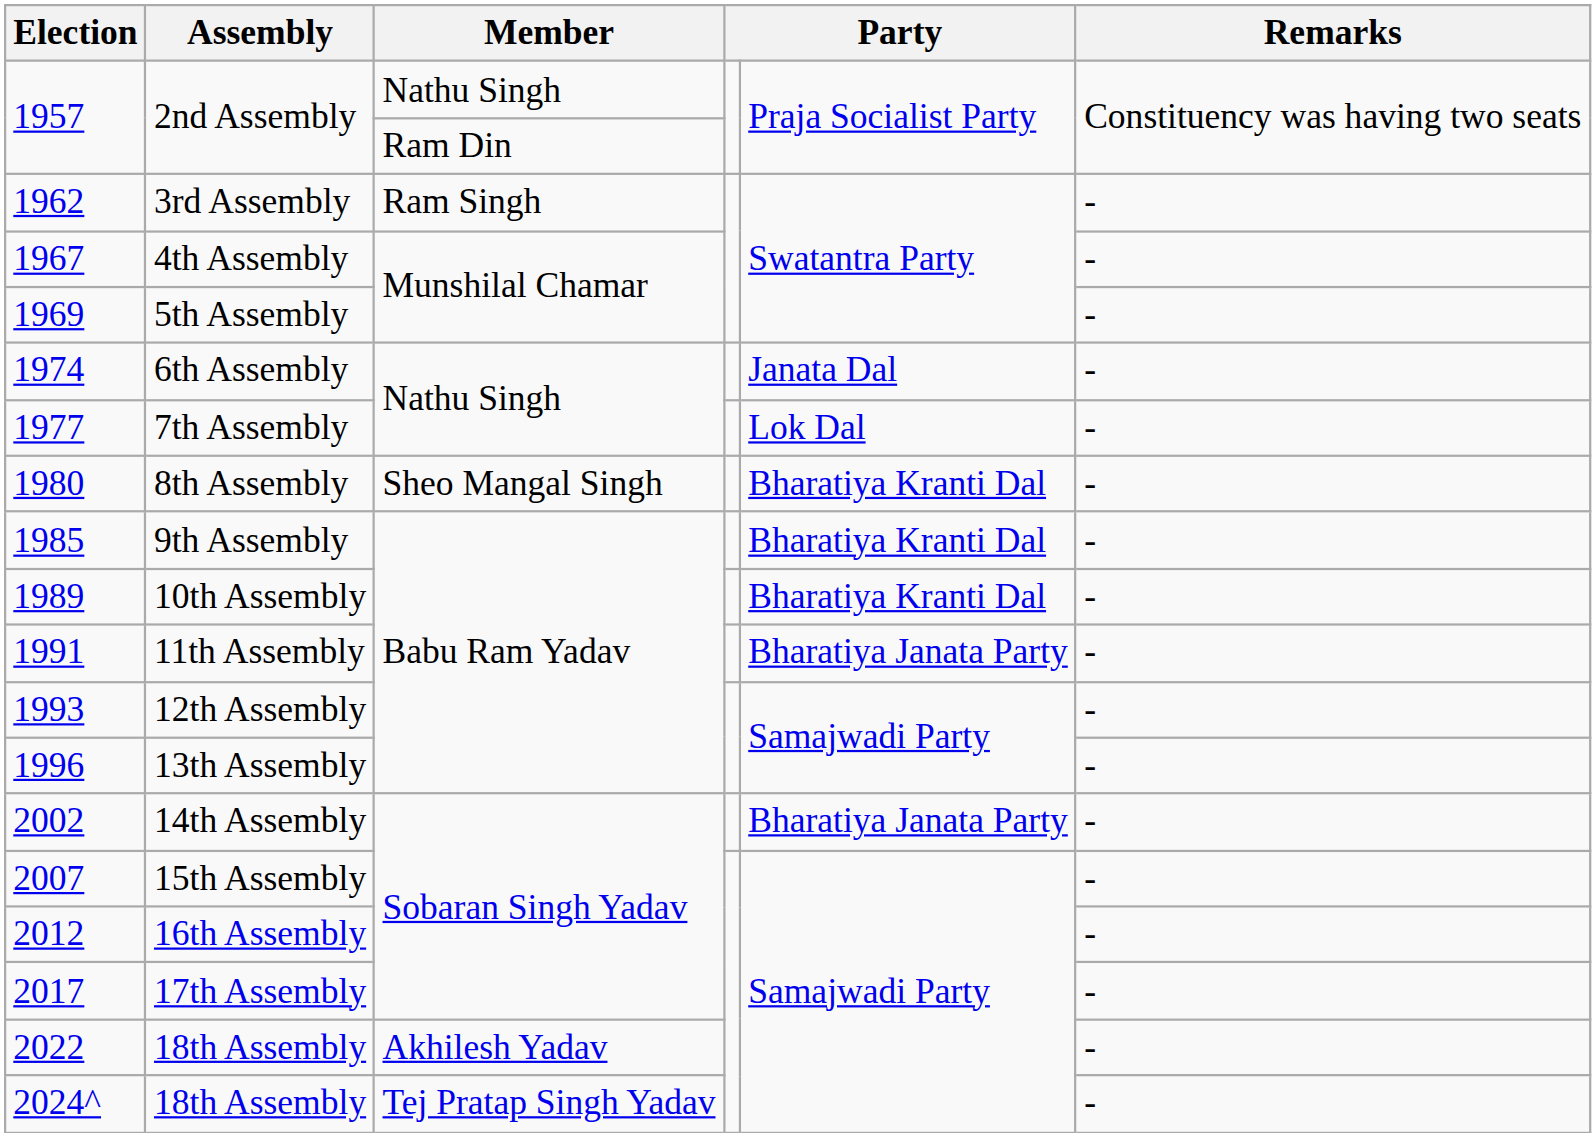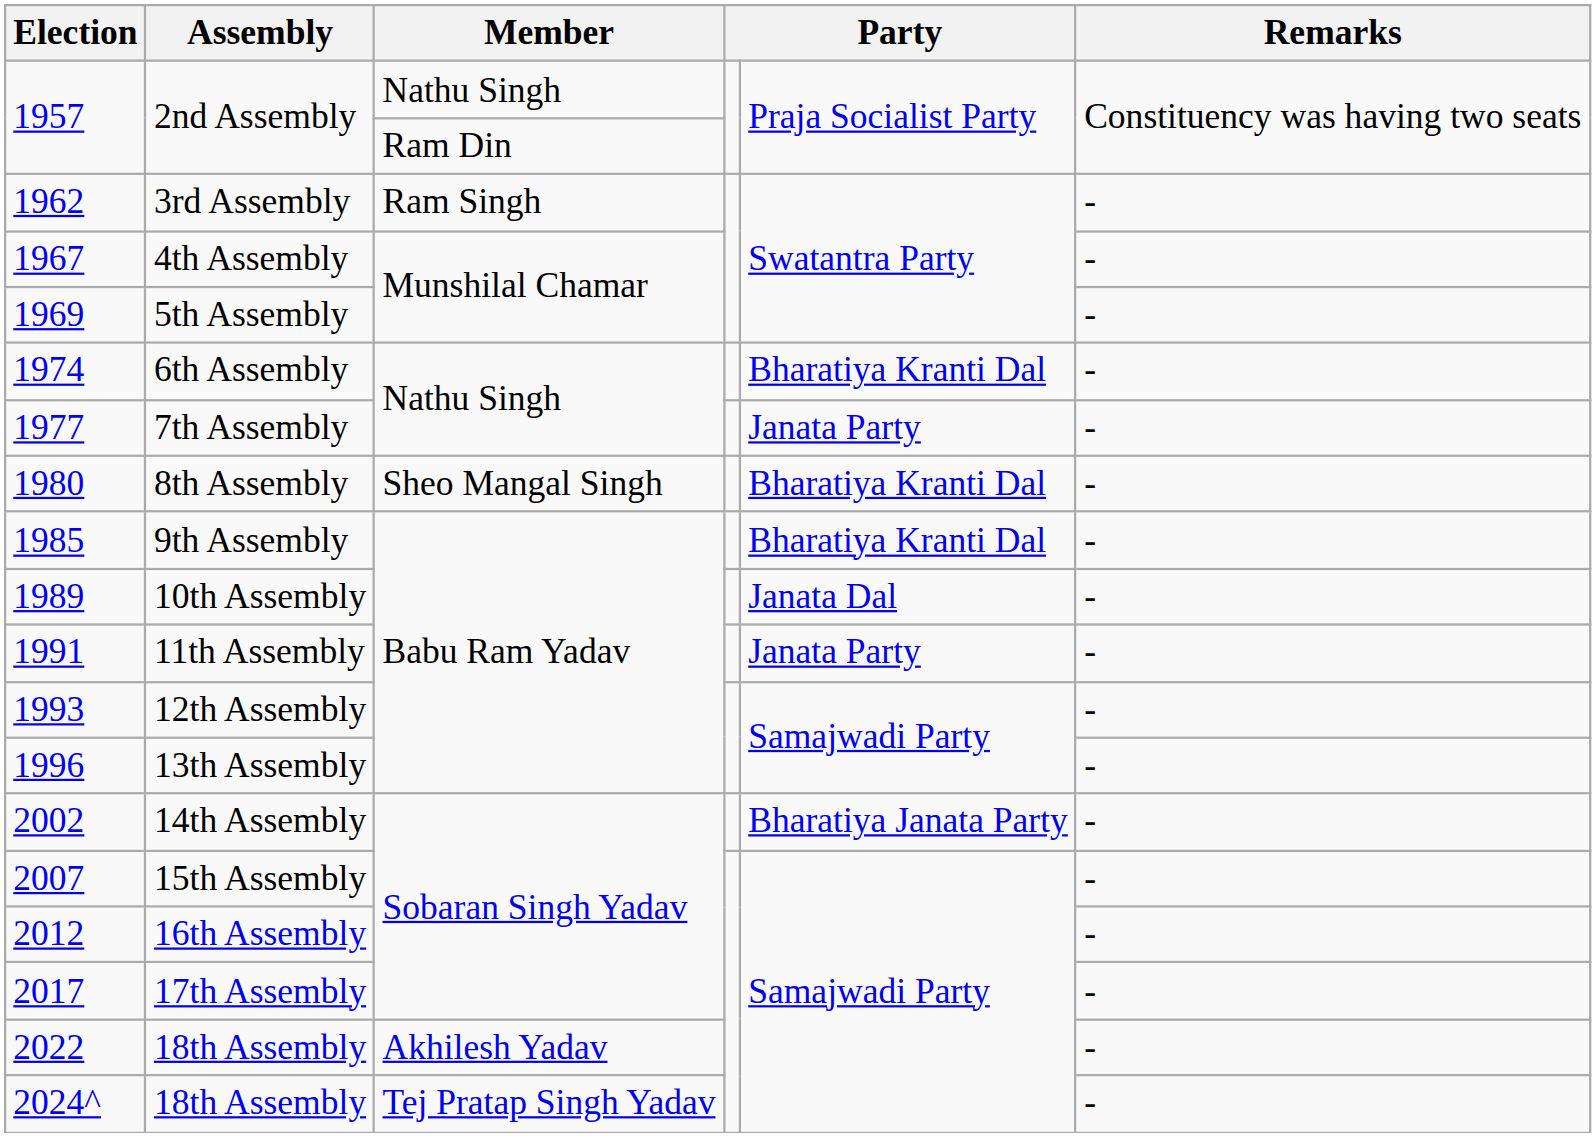 <table class="wikitable">
 <tr>
 <th>Election</th>
 <th>Assembly</th>
 <th>Member</th>
 <th colspan="2">Party</th>
 <th>Remarks</th>
 </tr>
 <tr>
 <td rowspan="2"><a href='#'>1957</a></td>
 <td rowspan="2">2nd Assembly</td>
 <td>Nathu Singh</td>
 <td rowspan="2" style="background-color: "></td>
 <td rowspan="2"><a href='#'>Praja Socialist Party</a></td>
 <td rowspan="2">Constituency was having two seats</td>
 </tr>
 <tr>
 <td>Ram Din</td>
 </tr>
 <tr>
 <td><a href='#'>1962</a></td>
 <td>3rd Assembly</td>
 <td>Ram Singh</td>
 <td rowspan="3" style="background-color: "></td>
 <td rowspan="3"><a href='#'>Swatantra Party</a></td>
 <td>-</td>
 </tr>
 <tr>
 <td><a href='#'>1967</a></td>
 <td>4th Assembly</td>
 <td rowspan="2">Munshilal Chamar</td>
 <td>-</td>
 </tr>
 <tr>
 <td><a href='#'>1969</a></td>
 <td>5th Assembly</td>
 <td>-</td>
 </tr>
 <tr>
 <td><a href='#'>1974</a></td>
 <td>6th Assembly</td>
 <td rowspan="2">Nathu Singh</td>
 <td style="background-color: "></td>
-<td><a href='#'>Janata Dal</a></td>
+<td><a href='#'>Bharatiya Kranti Dal</a></td>
 <td>-</td>
 </tr>
 <tr>
 <td><a href='#'>1977</a></td>
 <td>7th Assembly</td>
 <td style="background-color: "></td>
-<td><a href='#'>Lok Dal</a></td>
+<td><a href='#'>Janata Party</a></td>
 <td>-</td>
 </tr>
 <tr>
 <td><a href='#'>1980</a></td>
 <td>8th Assembly</td>
 <td>Sheo Mangal Singh</td>
 <td style="background-color: "></td>
 <td><a href='#'>Bharatiya Kranti Dal</a></td>
 <td>-</td>
 </tr>
 <tr>
 <td><a href='#'>1985</a></td>
 <td>9th Assembly</td>
 <td rowspan="5">Babu Ram Yadav</td>
 <td style="background-color: "></td>
 <td><a href='#'>Bharatiya Kranti Dal</a></td>
 <td>-</td>
 </tr>
 <tr>
 <td><a href='#'>1989</a></td>
 <td>10th Assembly</td>
 <td style="background-color: "></td>
-<td><a href='#'>Bharatiya Kranti Dal</a></td>
+<td><a href='#'>Janata Dal</a></td>
 <td>-</td>
 </tr>
 <tr>
 <td><a href='#'>1991</a></td>
 <td>11th Assembly</td>
 <td style="background-color: "></td>
-<td><a href='#'>Bharatiya Janata Party</a></td>
+<td><a href='#'>Janata Party</a></td>
 <td>-</td>
 </tr>
 <tr>
 <td><a href='#'>1993</a></td>
 <td>12th Assembly</td>
 <td rowspan="2" style="background-color: "></td>
 <td rowspan="2"><a href='#'>Samajwadi Party</a></td>
 <td>-</td>
 </tr>
 <tr>
 <td><a href='#'>1996</a></td>
 <td>13th Assembly</td>
 <td>-</td>
 </tr>
 <tr>
 <td><a href='#'>2002</a></td>
 <td>14th Assembly</td>
 <td rowspan="4"><a href='#'>Sobaran Singh Yadav</a></td>
 <td style="background-color: "></td>
 <td><a href='#'>Bharatiya Janata Party</a></td>
 <td>-</td>
 </tr>
 <tr>
 <td><a href='#'>2007</a></td>
 <td>15th Assembly</td>
 <td rowspan="5" style="background-color: "></td>
 <td rowspan="5"><a href='#'>Samajwadi Party</a></td>
 <td>-</td>
 </tr>
 <tr>
 <td><a href='#'>2012</a></td>
 <td><a href='#'>16th Assembly</a></td>
 <td>-</td>
 </tr>
 <tr>
 <td><a href='#'>2017</a></td>
 <td><a href='#'>17th Assembly</a></td>
 <td>-</td>
 </tr>
 <tr>
 <td><a href='#'>2022</a></td>
 <td><a href='#'>18th Assembly</a></td>
 <td><a href='#'>Akhilesh Yadav</a></td>
 <td>-</td>
 </tr>
 <tr>
 <td><a href='#'>2024^</a></td>
 <td><a href='#'>18th Assembly</a></td>
 <td><a href='#'>Tej Pratap Singh Yadav</a></td>
 <td>-</td>
 </tr>
 </table>
